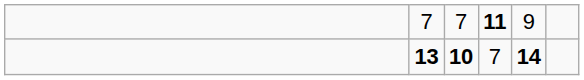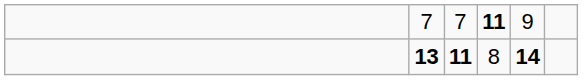 <table class="wikitable">
 <tr>
 <td style="width:18em"></td>
 <td align=center style="width:1em">7</td>
 <td align=center style="width:1em">7</td>
 <td align=center style="width:1em"><strong>11</strong></td>
 <td align=center style="width:1em">9</td>
 <td align=center style="width:1em"></td>
 </tr>
 <tr>
 <td style="width:18em"><strong></strong></td>
 <td align=center style="width:1em"><strong>13</strong></td>
-<td align=center style="width:1em"><strong>10</strong></td>
-<td align=center style="width:1em">7</td>
+<td align=center style="width:1em"><strong>11</strong></td>
+<td align=center style="width:1em">8</td>
 <td align=center style="width:1em"><strong>14</strong></td>
 <td align=center style="width:1em"></td>
 </tr>
 </table>
